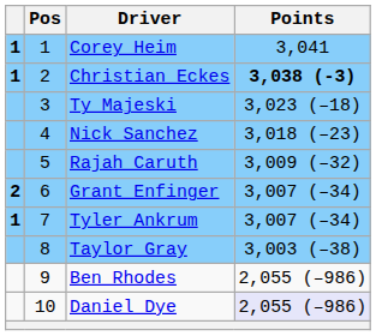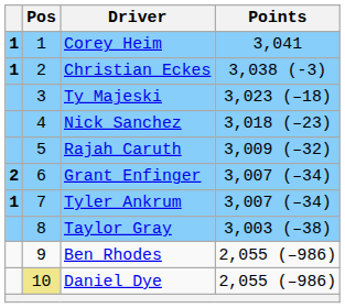 <table class="wikitable" style="font-size: 95%;">
 <tr>
 <th></th>
 <th>Pos</th>
 <th>Driver</th>
 <th>Points</th>
 </tr>
 <tr style="background:#87CEFA;">
 <td align="left"> <strong>1</strong></td>
 <td style="text-align:center;">1</td>
 <td><a href='#'>Corey Heim</a></td>
 <td style="text-align:center;">3,041</td>
 </tr>
 <tr style="background:#87CEFA;">
 <td align="left"> <strong>1</strong></td>
 <td style="text-align:center;">2</td>
 <td><a href='#'>Christian Eckes</a></td>
-<td style="text-align:center;"><strong>3,038 (-3)</strong></td>
+<td style="text-align:center;">3,038 (-3)</td>
 </tr>
 <tr style="background:#87CEFA;">
 <td align="left"></td>
 <td style="text-align:center;">3</td>
 <td><a href='#'>Ty Majeski</a></td>
 <td style="text-align:center;">3,023 (–18)</td>
 </tr>
 <tr style="background:#87CEFA;">
 <td align="left"></td>
 <td style="text-align:center;">4</td>
 <td><a href='#'>Nick Sanchez</a></td>
 <td style="text-align:center;">3,018 (–23)</td>
 </tr>
 <tr style="background:#87CEFA;">
 <td align="left"></td>
 <td style="text-align:center;">5</td>
 <td><a href='#'>Rajah Caruth</a></td>
 <td style="text-align:center;">3,009 (–32)</td>
 </tr>
 <tr style="background:#87CEFA;">
 <td align="left"> <strong>2</strong></td>
 <td style="text-align:center;">6</td>
 <td><a href='#'>Grant Enfinger</a></td>
 <td style="text-align:center;">3,007 (–34)</td>
 </tr>
 <tr style="background:#87CEFA;">
 <td align="left"> <strong>1</strong></td>
 <td style="text-align:center;">7</td>
 <td><a href='#'>Tyler Ankrum</a></td>
 <td style="text-align:center;">3,007 (–34)</td>
 </tr>
 <tr style="background:#87CEFA;">
 <td align="left"></td>
 <td style="text-align:center;">8</td>
 <td><a href='#'>Taylor Gray</a></td>
 <td style="text-align:center;">3,003 (–38)</td>
 </tr>
 <tr>
 <td align="left"></td>
 <td style="text-align:center;">9</td>
 <td><a href='#'>Ben Rhodes</a></td>
 <td style="text-align:center;">2,055 (–986)</td>
 </tr>
 <tr>
 <td align="left"></td>
-<td style="text-align:center;">10</td>
+<td style="background: khaki; text-align:center;">10</td>
 <td><a href='#'>Daniel Dye</a></td>
-<td style="background: lavender; text-align:center;">2,055 (–986)</td>
+<td style="text-align:center;">2,055 (–986)</td>
 </tr>
 <tr class="sortbottom">
 <th colspan="9"></th>
 </tr>
 </table>
